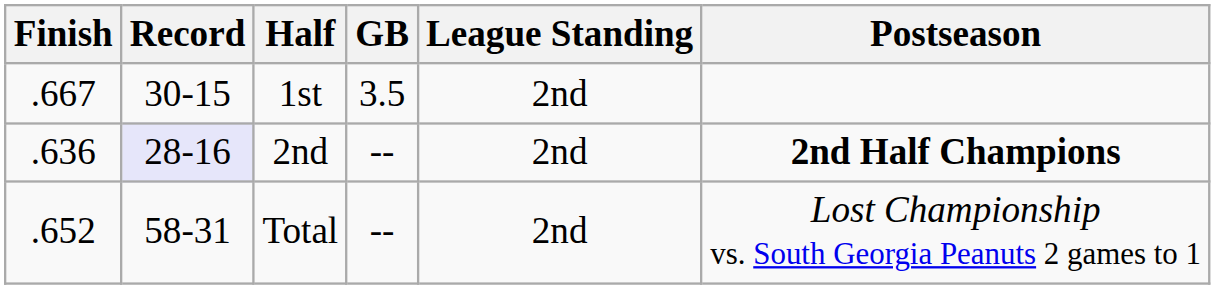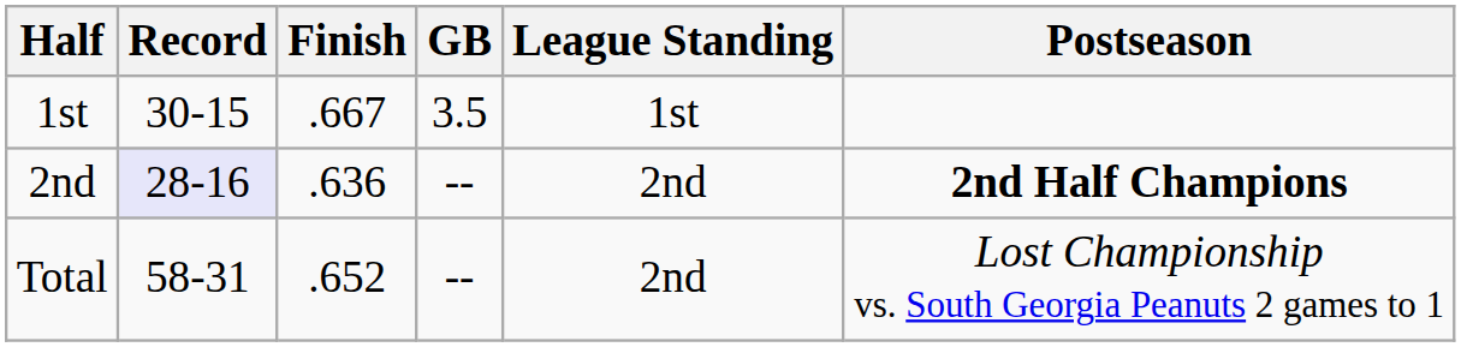 <table class="wikitable" style="text-align:center">
 <tr>
+<th>Half</th>
+<th>Record</th>
 <th>Finish</th>
-<th>Record</th>
-<th>Half</th>
 <th>GB</th>
 <th>League Standing</th>
 <th>Postseason</th>
 </tr>
 <tr>
+<td>1st</td>
+<td>30-15</td>
 <td>.667</td>
-<td>30-15</td>
+<td>3.5</td>
 <td>1st</td>
-<td>3.5</td>
-<td>2nd</td>
 <td></td>
 </tr>
 <tr>
+<td>2nd</td>
+<td style="background: lavender;">28-16</td>
 <td>.636</td>
-<td style="background: lavender;">28-16</td>
-<td>2nd</td>
 <td>--</td>
 <td>2nd</td>
 <td><strong>2nd Half Champions</strong></td>
 </tr>
 <tr>
+<td>Total</td>
+<td>58-31</td>
 <td>.652</td>
-<td>58-31</td>
-<td>Total</td>
 <td>--</td>
 <td>2nd</td>
 <td><em>Lost Championship</em><br><small> vs. <a href='#'>South Georgia Peanuts</a> 2 games to 1</small></td>
 </tr>
 </table>
